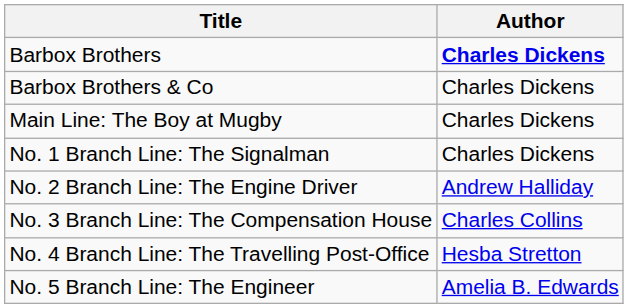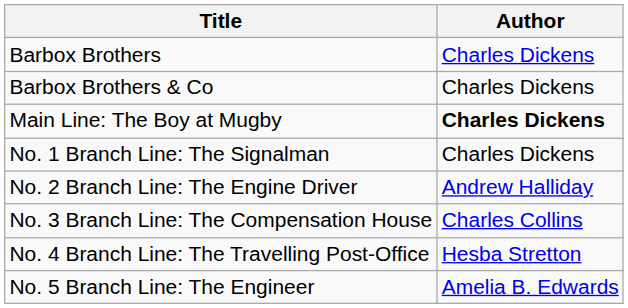 <table class="wikitable">
 <tr>
 <th>Title</th>
 <th>Author</th>
 </tr>
 <tr>
 <td>Barbox Brothers</td>
-<td><strong><a href='#'>Charles Dickens</a></strong></td>
+<td><a href='#'>Charles Dickens</a></td>
 </tr>
 <tr>
 <td>Barbox Brothers & Co</td>
 <td>Charles Dickens</td>
 </tr>
 <tr>
 <td>Main Line: The Boy at Mugby</td>
-<td>Charles Dickens</td>
+<td><strong>Charles Dickens</strong></td>
 </tr>
 <tr>
 <td>No. 1 Branch Line: The Signalman</td>
 <td>Charles Dickens</td>
 </tr>
 <tr>
 <td>No. 2 Branch Line: The Engine Driver</td>
 <td><a href='#'>Andrew Halliday</a></td>
 </tr>
 <tr>
 <td>No. 3 Branch Line: The Compensation House</td>
 <td><a href='#'>Charles Collins</a></td>
 </tr>
 <tr>
 <td>No. 4 Branch Line: The Travelling Post-Office</td>
 <td><a href='#'>Hesba Stretton</a></td>
 </tr>
 <tr>
 <td>No. 5 Branch Line: The Engineer</td>
 <td><a href='#'>Amelia B. Edwards</a></td>
 </tr>
 </table>
